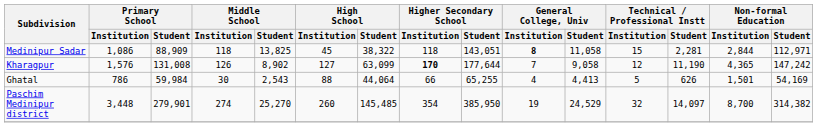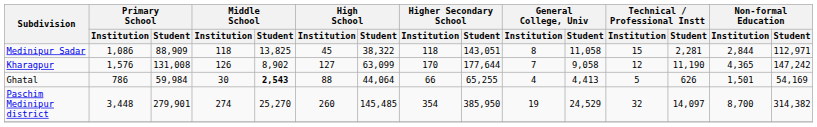 <table class="wikitable" style="text-align:center;font-size: 9pt">
 <tr>
 <th width="110" rowspan="2">Subdivision</th>
 <th colspan="2">Primary<br>School</th>
 <th colspan="2">Middle<br>School</th>
 <th colspan="2">High<br>School</th>
 <th colspan="2">Higher Secondary<br>School</th>
 <th colspan="2">General<br>College, Univ</th>
 <th colspan="2">Technical /<br>Professional Instt</th>
 <th colspan="2">Non-formal<br>Education</th>
 </tr>
 <tr>
 <th width="30">Institution</th>
 <th width="30">Student</th>
 <th width="30">Institution</th>
 <th width="30">Student</th>
 <th width="30">Institution</th>
 <th width="30">Student</th>
 <th width="30">Institution</th>
 <th width="30">Student</th>
 <th width="30">Institution</th>
 <th width="30">Student</th>
 <th width="30">Institution</th>
 <th width="30">Student</th>
 <th width="30">Institution</th>
 <th width="30">Student<br></th>
 </tr>
 <tr>
 <td align=left><a href='#'>Medinipur Sadar</a></td>
 <td align="center">1,086</td>
 <td align="center">88,909</td>
 <td align="center">118</td>
 <td align="center">13,825</td>
 <td align="center">45</td>
 <td align="center">38,322</td>
 <td align="center">118</td>
 <td align="center">143,051</td>
-<td align="center"><strong>8</strong></td>
+<td align="center">8</td>
 <td align="center">11,058</td>
 <td align="center">15</td>
 <td align="center">2,281</td>
 <td align="center">2,844</td>
 <td align="center">112,971</td>
 </tr>
 <tr>
 <td align=left><a href='#'>Kharagpur</a></td>
 <td align="center">1,576</td>
 <td align="center">131,008</td>
 <td align="center">126</td>
 <td align="center">8,902</td>
 <td align="center">127</td>
 <td align="center">63,099</td>
-<td align="center"><strong>170</strong></td>
+<td align="center">170</td>
 <td align="center">177,644</td>
 <td align="center">7</td>
 <td align="center">9,058</td>
 <td align="center">12</td>
 <td align="center">11,190</td>
 <td align="center">4,365</td>
 <td align="center">147,242</td>
 </tr>
 <tr>
 <td align=left>Ghatal</td>
 <td align="center">786</td>
 <td align="center">59,984</td>
 <td align="center">30</td>
-<td align="center">2,543</td>
+<td align="center"><strong>2,543</strong></td>
 <td align="center">88</td>
 <td align="center">44,064</td>
 <td align="center">66</td>
 <td align="center">65,255</td>
 <td align="center">4</td>
 <td align="center">4,413</td>
 <td align="center">5</td>
 <td align="center">626</td>
 <td align="center">1,501</td>
 <td align="center">54,169</td>
 </tr>
 <tr>
 <td align=left><a href='#'>Paschim Medinipur district</a></td>
 <td align="center">3,448</td>
 <td align="center">279,901</td>
 <td align="center">274</td>
 <td align="center">25,270</td>
 <td align="center">260</td>
 <td align="center">145,485</td>
 <td align="center">354</td>
 <td align="center">385,950</td>
 <td align="center">19</td>
 <td align="center">24,529</td>
 <td align="center">32</td>
 <td align="center">14,097</td>
 <td align="center">8,700</td>
 <td align="center">314,382</td>
 </tr>
 <tr>
 </tr>
 </table>
